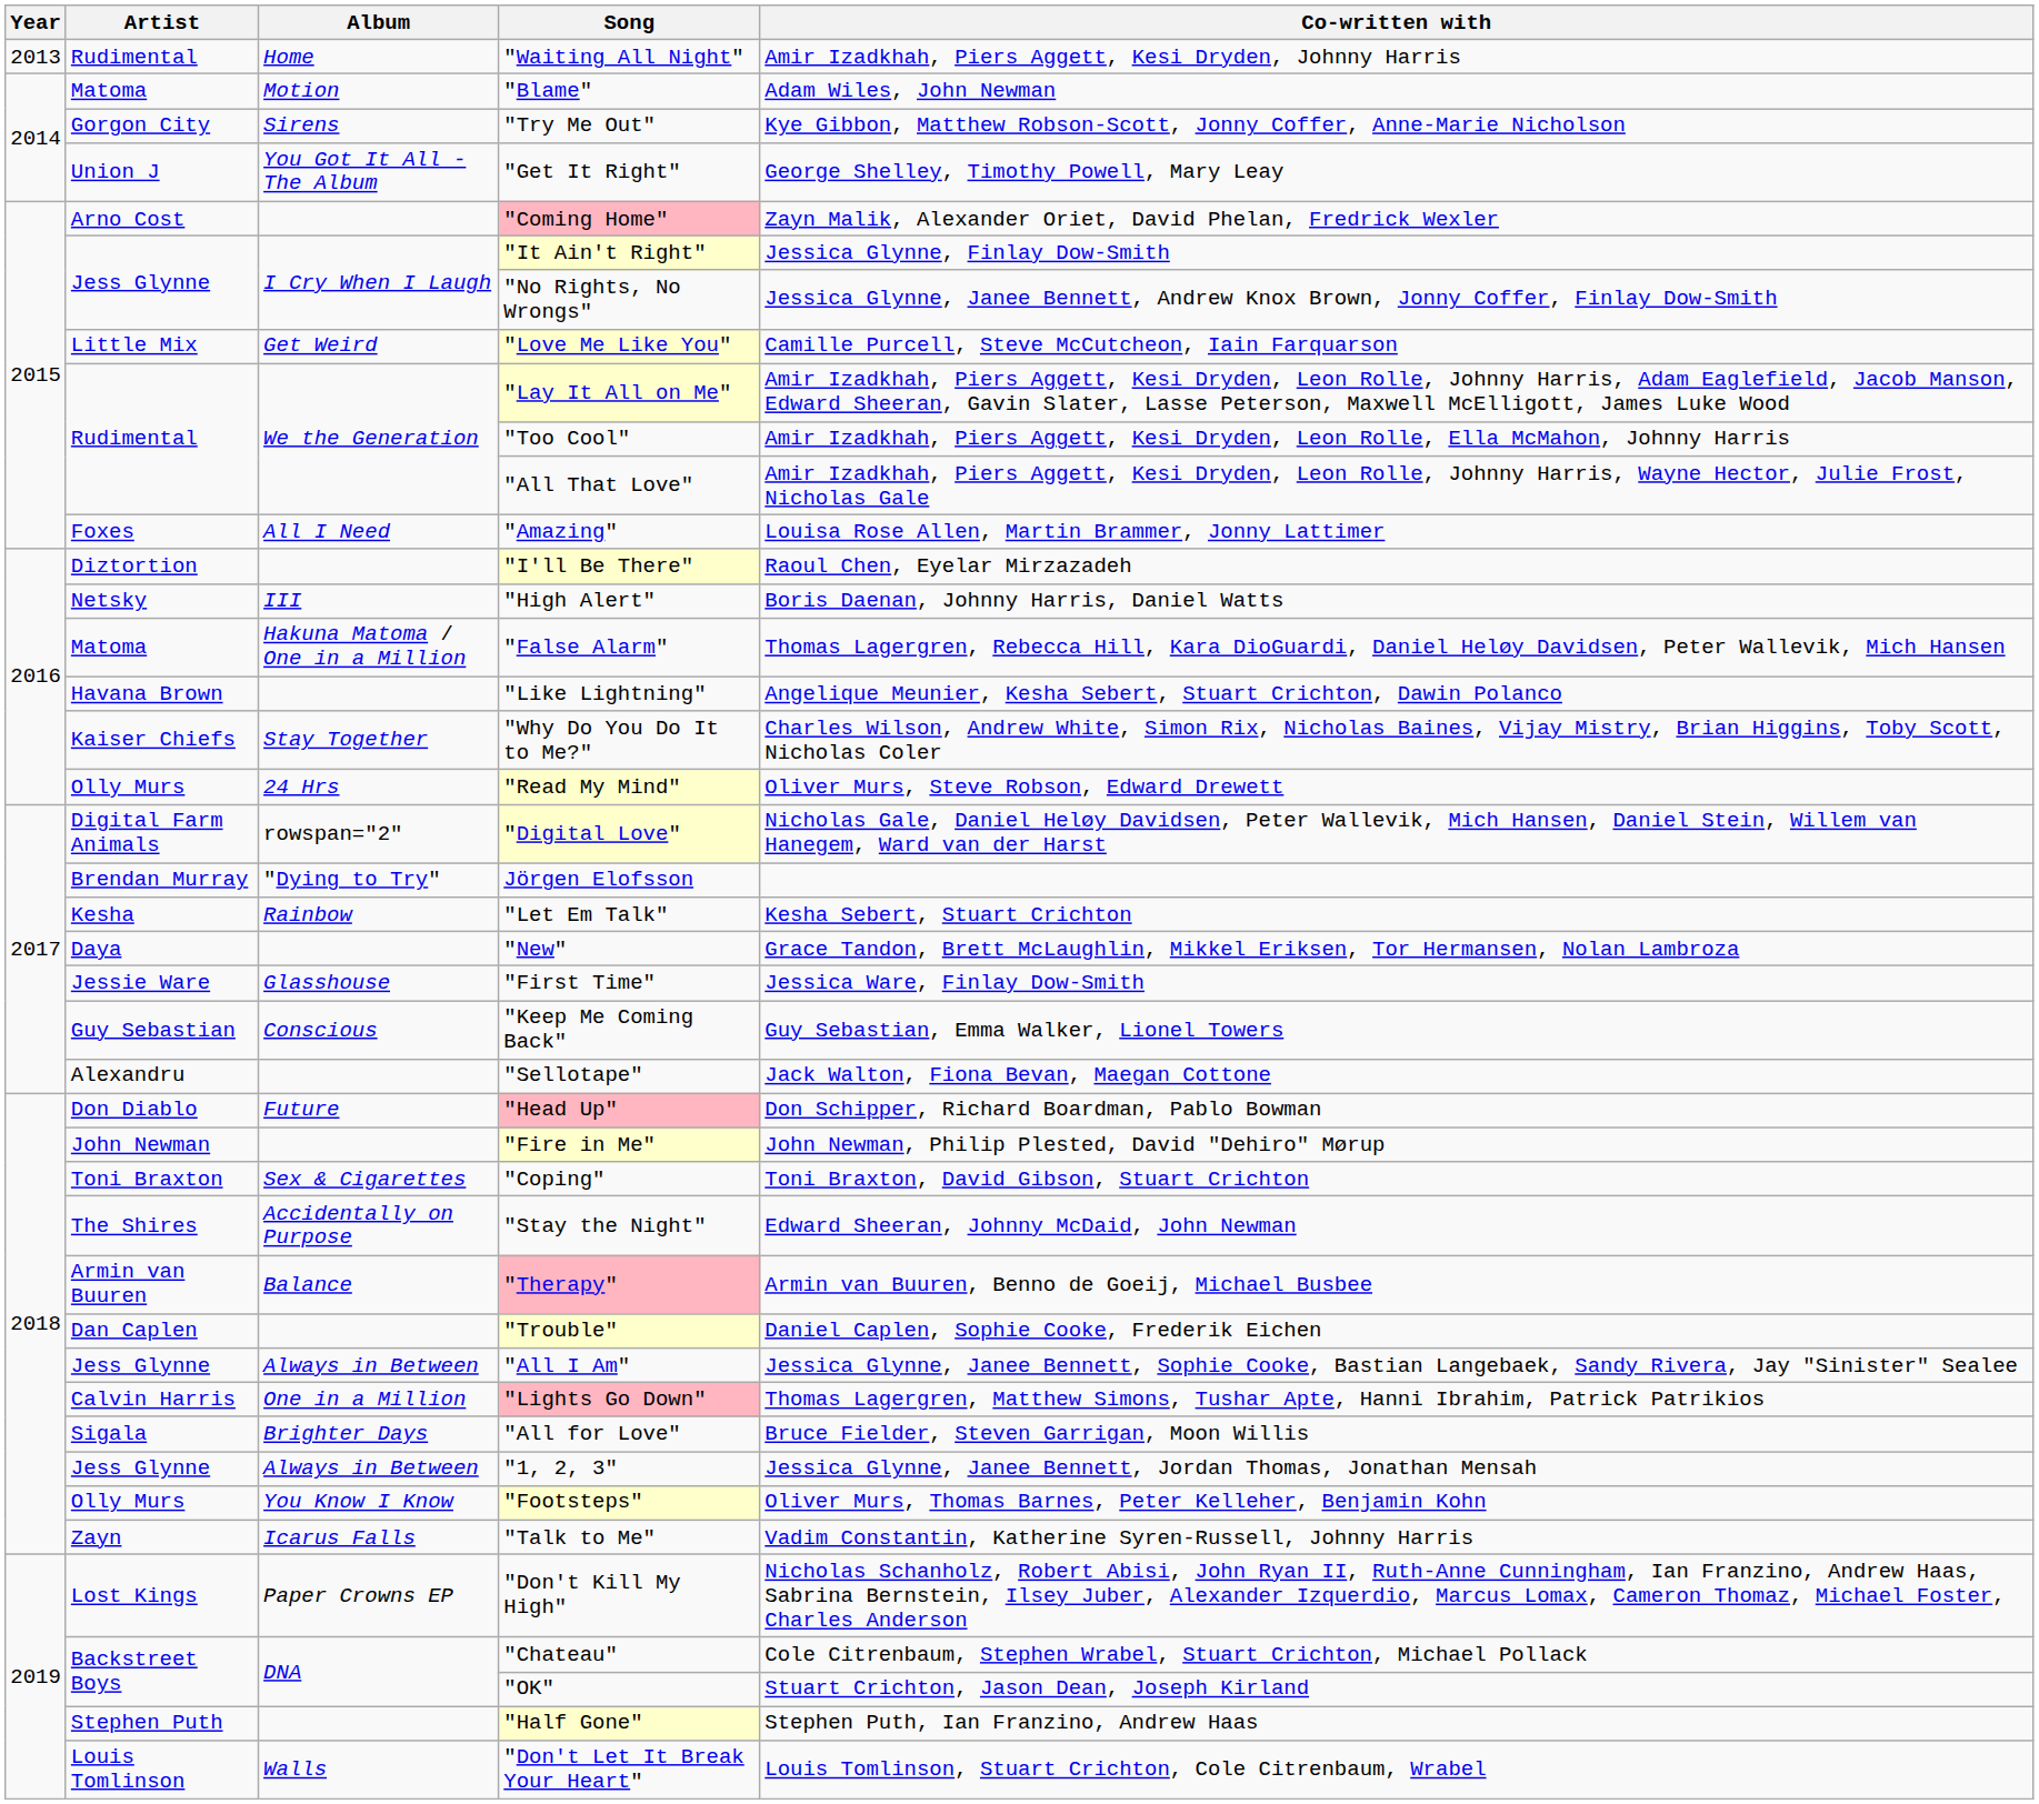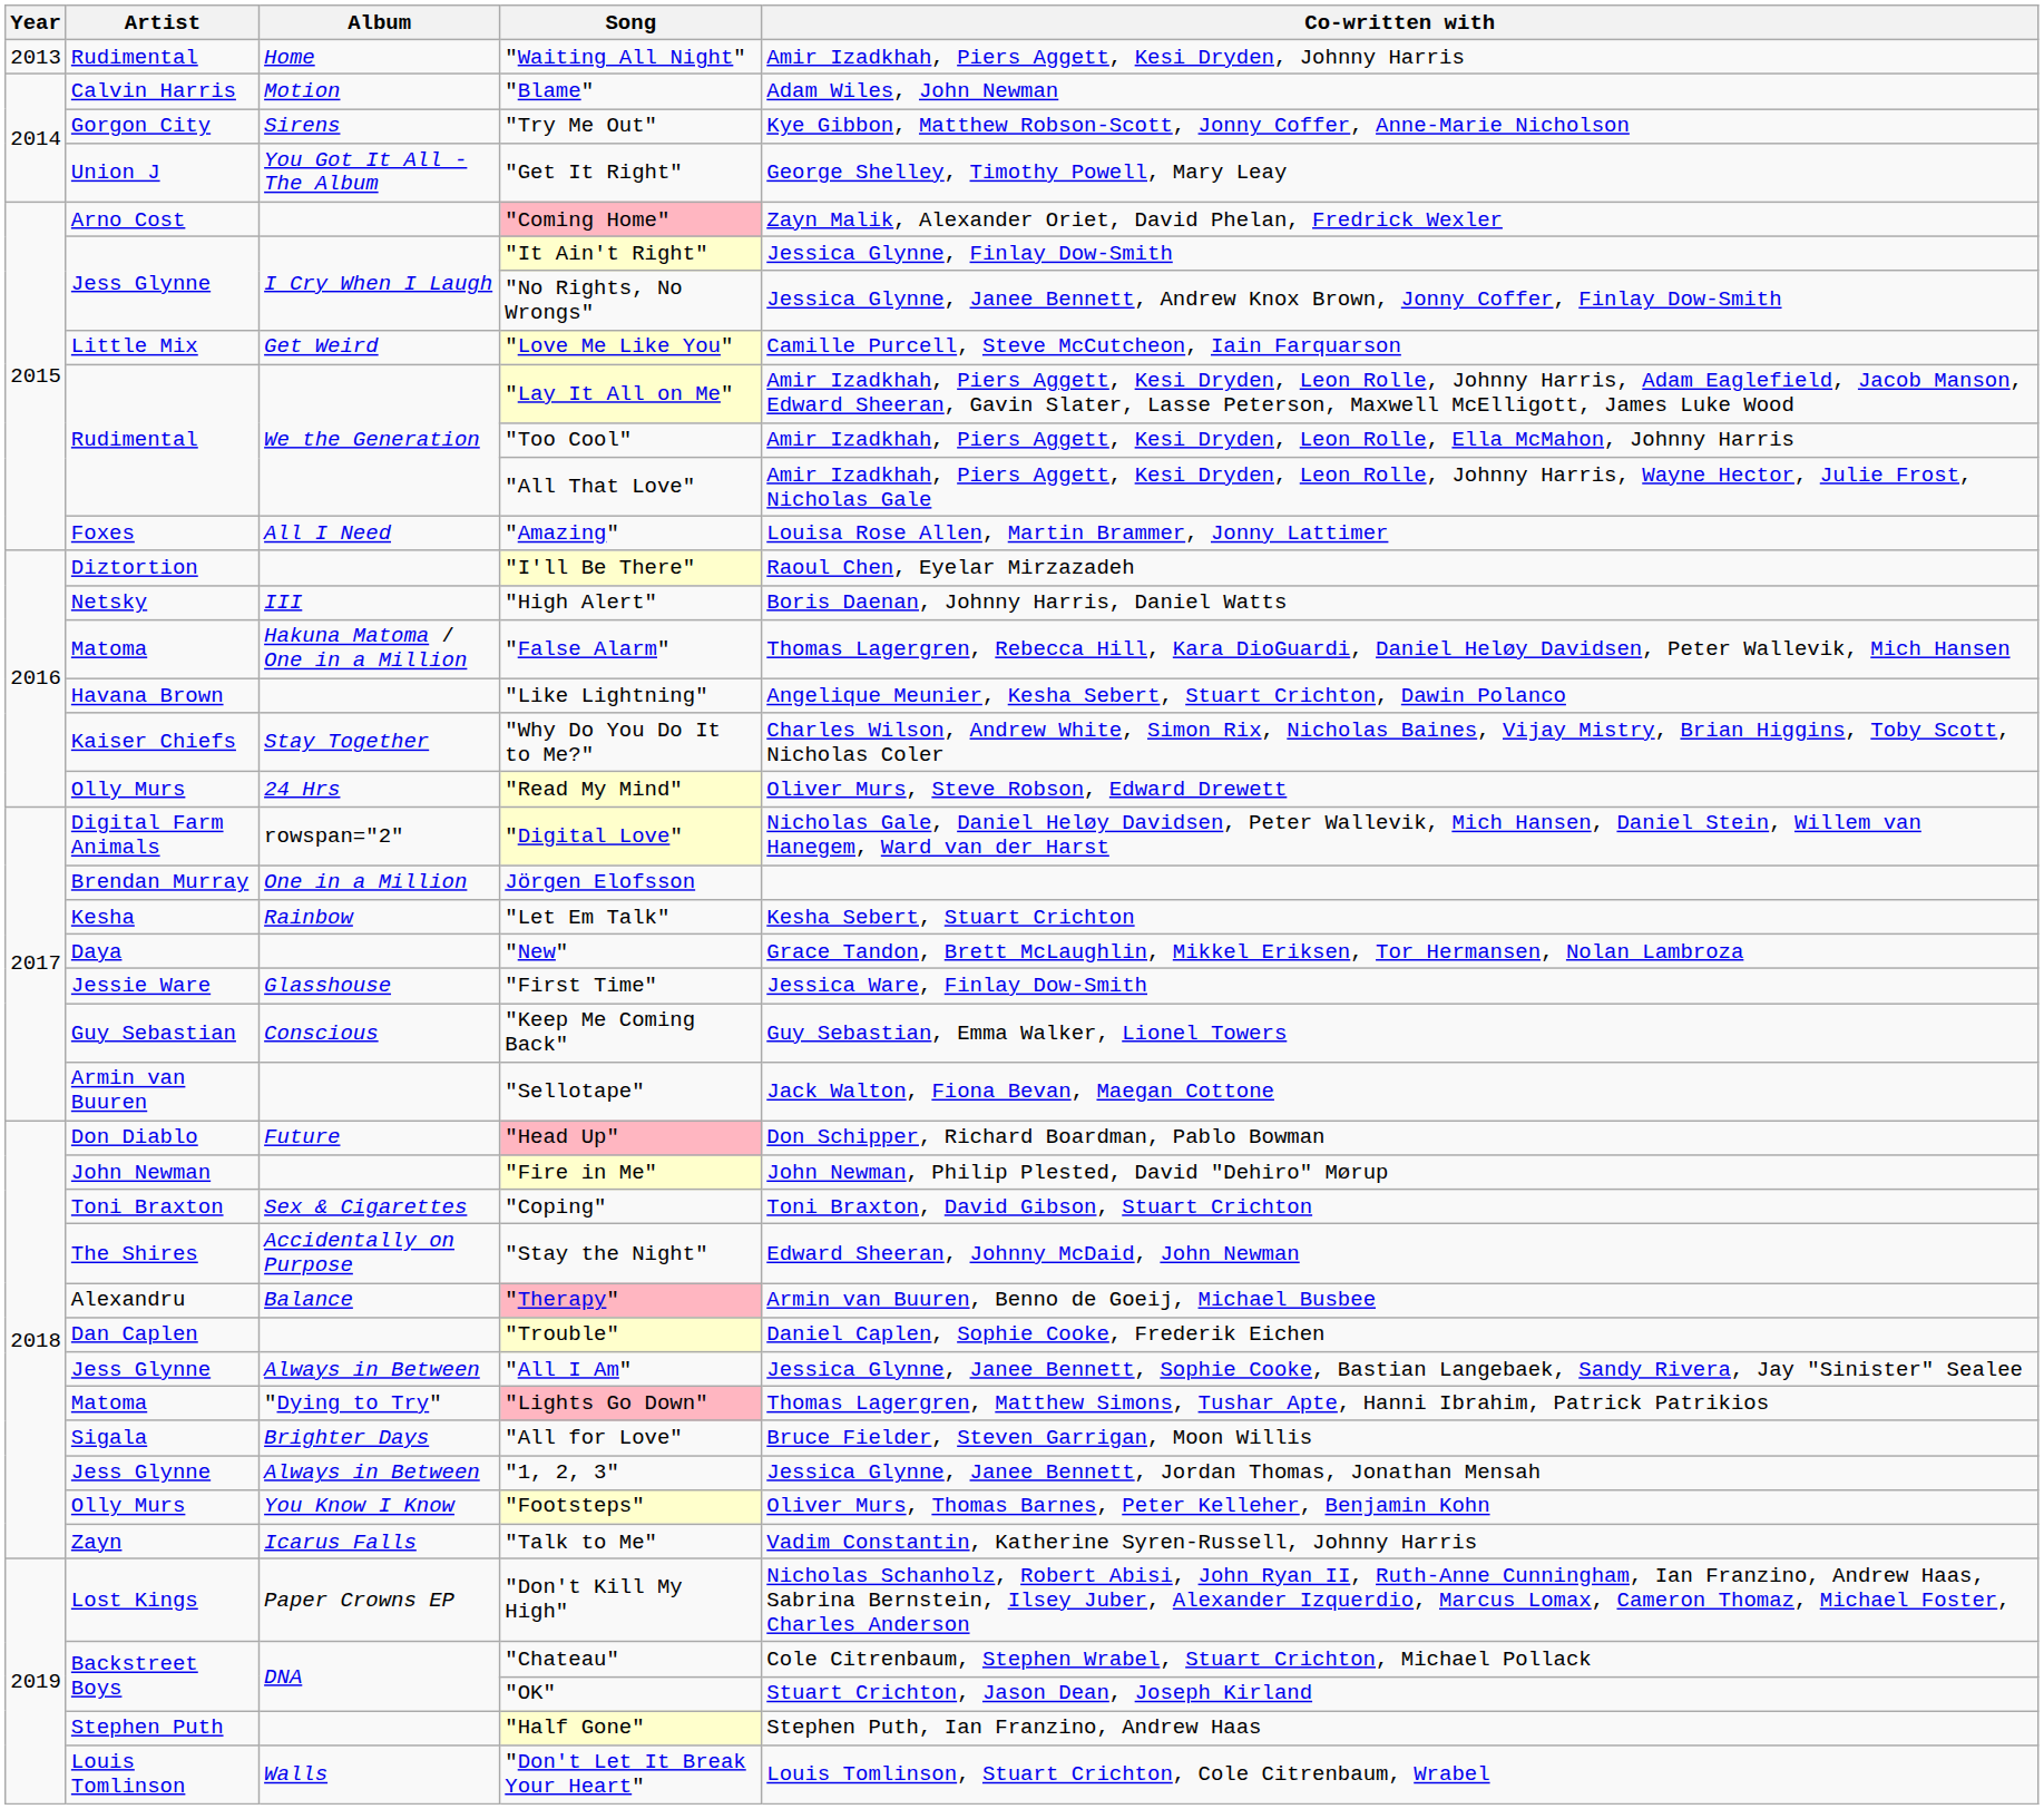 <table class="wikitable">
 <tr>
 <th>Year</th>
 <th>Artist</th>
 <th>Album</th>
 <th>Song</th>
 <th>Co-written with</th>
 </tr>
 <tr>
 <td>2013</td>
 <td><a href='#'>Rudimental</a></td>
 <td><em><a href='#'>Home</a></em></td>
 <td>"<a href='#'>Waiting All Night</a>"<br></td>
 <td><a href='#'>Amir Izadkhah</a>, <a href='#'>Piers Aggett</a>, <a href='#'>Kesi Dryden</a>, Johnny Harris</td>
 </tr>
 <tr>
 <td rowspan="3">2014</td>
-<td><a href='#'>Matoma</a></td>
+<td><a href='#'>Calvin Harris</a></td>
 <td><em><a href='#'>Motion</a></em></td>
 <td>"<a href='#'>Blame</a>"<br></td>
 <td><a href='#'>Adam Wiles</a>, <a href='#'>John Newman</a></td>
 </tr>
 <tr>
 <td><a href='#'>Gorgon City</a></td>
 <td><em><a href='#'>Sirens</a></em></td>
 <td>"Try Me Out"<br></td>
 <td><a href='#'>Kye Gibbon</a>, <a href='#'>Matthew Robson-Scott</a>, <a href='#'>Jonny Coffer</a>, <a href='#'>Anne-Marie Nicholson</a></td>
 </tr>
 <tr>
 <td><a href='#'>Union J</a></td>
 <td><em><a href='#'>You Got It All - The Album</a></em></td>
 <td>"Get It Right"</td>
 <td><a href='#'>George Shelley</a>, <a href='#'>Timothy Powell</a>, Mary Leay</td>
 </tr>
 <tr>
 <td rowspan="8">2015</td>
 <td><a href='#'>Arno Cost</a></td>
 <td></td>
 <td style="background:lightpink">"Coming Home"<br></td>
 <td><a href='#'>Zayn Malik</a>, Alexander Oriet, David Phelan, <a href='#'>Fredrick Wexler</a></td>
 </tr>
 <tr>
 <td rowspan="2"><a href='#'>Jess Glynne</a></td>
 <td rowspan="2"><em><a href='#'>I Cry When I Laugh</a></em></td>
 <td style="background:#ffffcc">"It Ain't Right"</td>
 <td><a href='#'>Jessica Glynne</a>, <a href='#'>Finlay Dow-Smith</a></td>
 </tr>
 <tr>
 <td>"No Rights, No Wrongs"</td>
 <td><a href='#'>Jessica Glynne</a>, <a href='#'>Janee Bennett</a>, Andrew Knox Brown, <a href='#'>Jonny Coffer</a>, <a href='#'>Finlay Dow-Smith</a></td>
 </tr>
 <tr>
 <td><a href='#'>Little Mix</a></td>
 <td><em><a href='#'>Get Weird</a></em></td>
 <td style="background:#ffffcc">"<a href='#'>Love Me Like You</a>"</td>
 <td><a href='#'>Camille Purcell</a>, <a href='#'>Steve McCutcheon</a>, <a href='#'>Iain Farquarson</a></td>
 </tr>
 <tr>
 <td rowspan="3"><a href='#'>Rudimental</a></td>
 <td rowspan="3"><em><a href='#'>We the Generation</a></em></td>
 <td style="background:#ffffcc">"<a href='#'>Lay It All on Me</a>"<br></td>
 <td><a href='#'>Amir Izadkhah</a>, <a href='#'>Piers Aggett</a>, <a href='#'>Kesi Dryden</a>, <a href='#'>Leon Rolle</a>, Johnny Harris, <a href='#'>Adam Eaglefield</a>, <a href='#'>Jacob Manson</a>, <a href='#'>Edward Sheeran</a>, Gavin Slater, Lasse Peterson, Maxwell McElligott, James Luke Wood</td>
 </tr>
 <tr>
 <td>"Too Cool"<br></td>
 <td><a href='#'>Amir Izadkhah</a>, <a href='#'>Piers Aggett</a>, <a href='#'>Kesi Dryden</a>, <a href='#'>Leon Rolle</a>, <a href='#'>Ella McMahon</a>, Johnny Harris</td>
 </tr>
 <tr>
 <td>"All That Love"<br></td>
 <td><a href='#'>Amir Izadkhah</a>, <a href='#'>Piers Aggett</a>, <a href='#'>Kesi Dryden</a>, <a href='#'>Leon Rolle</a>, Johnny Harris, <a href='#'>Wayne Hector</a>, <a href='#'>Julie Frost</a>, <a href='#'>Nicholas Gale</a></td>
 </tr>
 <tr>
 <td><a href='#'>Foxes</a></td>
 <td><em><a href='#'>All I Need</a></em></td>
 <td>"<a href='#'>Amazing</a>"</td>
 <td><a href='#'>Louisa Rose Allen</a>, <a href='#'>Martin Brammer</a>, <a href='#'>Jonny Lattimer</a></td>
 </tr>
 <tr>
 <td rowspan="6">2016</td>
 <td><a href='#'>Diztortion</a></td>
 <td></td>
 <td style="background:#ffffcc">"I'll Be There"</td>
 <td><a href='#'>Raoul Chen</a>, Eyelar Mirzazadeh</td>
 </tr>
 <tr>
 <td><a href='#'>Netsky</a></td>
 <td><em><a href='#'>III</a></em></td>
 <td>"High Alert"<br></td>
 <td><a href='#'>Boris Daenan</a>, Johnny Harris, Daniel Watts</td>
 </tr>
 <tr>
 <td><a href='#'>Matoma</a></td>
 <td><em><a href='#'>Hakuna Matoma</a></em> /<br><em><a href='#'>One in a Million</a></em></td>
 <td>"<a href='#'>False Alarm</a>"<br></td>
 <td><a href='#'>Thomas Lagergren</a>, <a href='#'>Rebecca Hill</a>, <a href='#'>Kara DioGuardi</a>, <a href='#'>Daniel Heløy Davidsen</a>, Peter Wallevik, <a href='#'>Mich Hansen</a></td>
 </tr>
 <tr>
 <td><a href='#'>Havana Brown</a></td>
 <td></td>
 <td>"Like Lightning"<br></td>
 <td><a href='#'>Angelique Meunier</a>, <a href='#'>Kesha Sebert</a>, <a href='#'>Stuart Crichton</a>, <a href='#'>Dawin Polanco</a></td>
 </tr>
 <tr>
 <td><a href='#'>Kaiser Chiefs</a></td>
 <td><em><a href='#'>Stay Together</a></em></td>
 <td>"Why Do You Do It to Me?"</td>
 <td><a href='#'>Charles Wilson</a>, <a href='#'>Andrew White</a>, <a href='#'>Simon Rix</a>, <a href='#'>Nicholas Baines</a>, <a href='#'>Vijay Mistry</a>, <a href='#'>Brian Higgins</a>, <a href='#'>Toby Scott</a>, Nicholas Coler</td>
 </tr>
 <tr>
 <td><a href='#'>Olly Murs</a></td>
 <td><em><a href='#'>24 Hrs</a></em></td>
 <td style="background:#ffffcc">"Read My Mind"</td>
 <td><a href='#'>Oliver Murs</a>, <a href='#'>Steve Robson</a>, <a href='#'>Edward Drewett</a></td>
 </tr>
 <tr>
 <td rowspan="7">2017</td>
 <td><a href='#'>Digital Farm Animals</a></td>
 <td>rowspan="2" </td>
 <td style="background:#ffffcc">"<a href='#'>Digital Love</a>"<br></td>
 <td><a href='#'>Nicholas Gale</a>, <a href='#'>Daniel Heløy Davidsen</a>, Peter Wallevik, <a href='#'>Mich Hansen</a>, <a href='#'>Daniel Stein</a>, <a href='#'>Willem van Hanegem</a>, <a href='#'>Ward van der Harst</a></td>
 </tr>
 <tr>
 <td><a href='#'>Brendan Murray</a></td>
-<td>"<a href='#'>Dying to Try</a>"</td>
+<td><em><a href='#'>One in a Million</a></em></td>
 <td><a href='#'>Jörgen Elofsson</a></td>
 </tr>
 <tr>
 <td><a href='#'>Kesha</a></td>
 <td><em><a href='#'>Rainbow</a></em></td>
 <td>"Let Em Talk" </td>
 <td><a href='#'>Kesha Sebert</a>, <a href='#'>Stuart Crichton</a></td>
 </tr>
 <tr>
 <td><a href='#'>Daya</a></td>
 <td></td>
 <td>"<a href='#'>New</a>"</td>
 <td><a href='#'>Grace Tandon</a>, <a href='#'>Brett McLaughlin</a>, <a href='#'>Mikkel Eriksen</a>, <a href='#'>Tor Hermansen</a>, <a href='#'>Nolan Lambroza</a></td>
 </tr>
 <tr>
 <td><a href='#'>Jessie Ware</a></td>
 <td><em><a href='#'>Glasshouse</a></em></td>
 <td>"First Time"</td>
 <td><a href='#'>Jessica Ware</a>, <a href='#'>Finlay Dow-Smith</a></td>
 </tr>
 <tr>
 <td><a href='#'>Guy Sebastian</a></td>
 <td><em><a href='#'>Conscious</a></em></td>
 <td>"Keep Me Coming Back"</td>
 <td><a href='#'>Guy Sebastian</a>, Emma Walker, <a href='#'>Lionel Towers</a></td>
 </tr>
 <tr>
-<td>Alexandru</td>
+<td><a href='#'>Armin van Buuren</a></td>
 <td></td>
 <td>"Sellotape"</td>
 <td><a href='#'>Jack Walton</a>, <a href='#'>Fiona Bevan</a>, <a href='#'>Maegan Cottone</a></td>
 </tr>
 <tr>
 <td rowspan="12">2018</td>
 <td><a href='#'>Don Diablo</a></td>
 <td><em><a href='#'>Future</a></em></td>
 <td style="background:lightpink">"Head Up"<br></td>
 <td><a href='#'>Don Schipper</a>, Richard Boardman, Pablo Bowman</td>
 </tr>
 <tr>
 <td><a href='#'>John Newman</a></td>
 <td></td>
 <td style="background:#ffffcc">"Fire in Me"</td>
 <td><a href='#'>John Newman</a>, Philip Plested, David "Dehiro" Mørup</td>
 </tr>
 <tr>
 <td><a href='#'>Toni Braxton</a></td>
 <td><em><a href='#'>Sex & Cigarettes</a></em></td>
 <td>"Coping"</td>
 <td><a href='#'>Toni Braxton</a>, <a href='#'>David Gibson</a>, <a href='#'>Stuart Crichton</a></td>
 </tr>
 <tr>
 <td><a href='#'>The Shires</a></td>
 <td><em><a href='#'>Accidentally on Purpose</a></em></td>
 <td>"Stay the Night"</td>
 <td><a href='#'>Edward Sheeran</a>, <a href='#'>Johnny McDaid</a>, <a href='#'>John Newman</a></td>
 </tr>
 <tr>
-<td><a href='#'>Armin van Buuren</a></td>
+<td>Alexandru</td>
 <td><em><a href='#'>Balance</a></em></td>
 <td style="background:lightpink">"<a href='#'>Therapy</a>"<br></td>
 <td><a href='#'>Armin van Buuren</a>, Benno de Goeij, <a href='#'>Michael Busbee</a></td>
 </tr>
 <tr>
 <td><a href='#'>Dan Caplen</a></td>
 <td></td>
 <td style="background:#ffffcc">"Trouble"<br></td>
 <td><a href='#'>Daniel Caplen</a>, <a href='#'>Sophie Cooke</a>, Frederik Eichen</td>
 </tr>
 <tr>
 <td><a href='#'>Jess Glynne</a></td>
 <td><em><a href='#'>Always in Between</a></em></td>
 <td>"<a href='#'>All I Am</a>"</td>
 <td><a href='#'>Jessica Glynne</a>, <a href='#'>Janee Bennett</a>, <a href='#'>Sophie Cooke</a>, Bastian Langebaek, <a href='#'>Sandy Rivera</a>, Jay "Sinister" Sealee</td>
 </tr>
 <tr>
-<td><a href='#'>Calvin Harris</a></td>
-<td><em><a href='#'>One in a Million</a></em></td>
+<td><a href='#'>Matoma</a></td>
+<td>"<a href='#'>Dying to Try</a>"</td>
 <td style="background:lightpink">"Lights Go Down"<br></td>
 <td><a href='#'>Thomas Lagergren</a>, <a href='#'>Matthew Simons</a>, <a href='#'>Tushar Apte</a>, Hanni Ibrahim, Patrick Patrikios</td>
 </tr>
 <tr>
 <td><a href='#'>Sigala</a></td>
 <td><em><a href='#'>Brighter Days</a></em></td>
 <td>"All for Love"<br></td>
 <td><a href='#'>Bruce Fielder</a>, <a href='#'>Steven Garrigan</a>, Moon Willis</td>
 </tr>
 <tr>
 <td><a href='#'>Jess Glynne</a></td>
 <td><em><a href='#'>Always in Between</a></em></td>
 <td>"1, 2, 3"</td>
 <td><a href='#'>Jessica Glynne</a>, <a href='#'>Janee Bennett</a>, Jordan Thomas, Jonathan Mensah</td>
 </tr>
 <tr>
 <td><a href='#'>Olly Murs</a></td>
 <td><em><a href='#'>You Know I Know</a></em></td>
 <td style="background:#ffffcc">"Footsteps"</td>
 <td><a href='#'>Oliver Murs</a>, <a href='#'>Thomas Barnes</a>, <a href='#'>Peter Kelleher</a>, <a href='#'>Benjamin Kohn</a></td>
 </tr>
 <tr>
 <td><a href='#'>Zayn</a></td>
 <td><em><a href='#'>Icarus Falls</a></em></td>
 <td>"Talk to Me"</td>
 <td><a href='#'>Vadim Constantin</a>, Katherine Syren-Russell, Johnny Harris</td>
 </tr>
 <tr>
 <td rowspan="6">2019</td>
 <td><a href='#'>Lost Kings</a></td>
 <td><em>Paper Crowns EP</em></td>
 <td>"Don't Kill My High"<br></td>
 <td><a href='#'>Nicholas Schanholz</a>, <a href='#'>Robert Abisi</a>, <a href='#'>John Ryan II</a>, <a href='#'>Ruth-Anne Cunningham</a>, Ian Franzino, Andrew Haas, Sabrina Bernstein, <a href='#'>Ilsey Juber</a>, <a href='#'>Alexander Izquerdio</a>, <a href='#'>Marcus Lomax</a>, <a href='#'>Cameron Thomaz</a>, <a href='#'>Michael Foster</a>, <a href='#'>Charles Anderson</a></td>
 </tr>
 <tr>
 <td rowspan="2"><a href='#'>Backstreet Boys</a></td>
 <td rowspan="2"><em><a href='#'>DNA</a></em></td>
 <td>"Chateau"</td>
 <td>Cole Citrenbaum, <a href='#'>Stephen Wrabel</a>, <a href='#'>Stuart Crichton</a>, Michael Pollack</td>
 </tr>
 <tr>
 <td>"OK"</td>
 <td><a href='#'>Stuart Crichton</a>, <a href='#'>Jason Dean</a>, <a href='#'>Joseph Kirland</a></td>
 </tr>
 <tr>
 <td><a href='#'>Stephen Puth</a></td>
 <td></td>
 <td style="background:#ffffcc">"Half Gone"</td>
 <td>Stephen Puth, Ian Franzino, Andrew Haas</td>
 </tr>
 <tr>
 <td><a href='#'>Louis Tomlinson</a></td>
 <td><em><a href='#'>Walls</a></em></td>
 <td>"<a href='#'>Don't Let It Break Your Heart</a>"</td>
 <td><a href='#'>Louis Tomlinson</a>, <a href='#'>Stuart Crichton</a>, Cole Citrenbaum, <a href='#'>Wrabel</a></td>
 </tr>
 </table>
